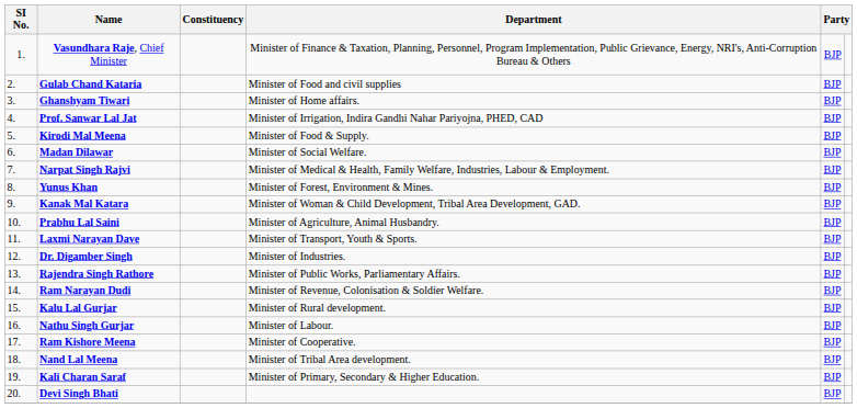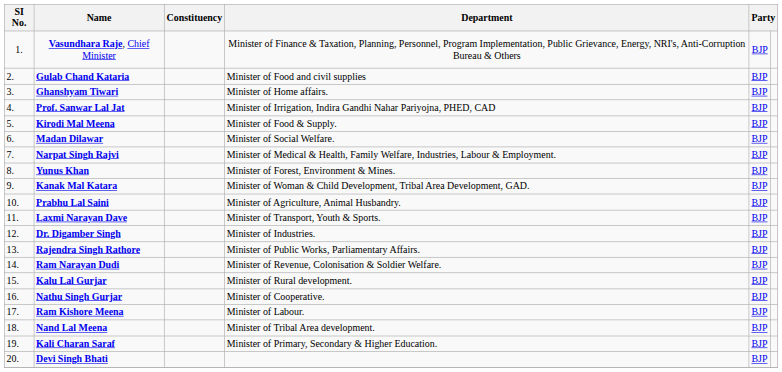 <table class ="wikitable">
 <tr>
 <th>SI No.</th>
 <th>Name</th>
 <th>Constituency</th>
 <th>Department</th>
 <th colspan="2" scope="col">Party</th>
 </tr>
 <tr style="text-align:center; height:60px;">
 <td>1.</td>
 <td><strong><a href='#'>Vasundhara Raje</a></strong>, <a href='#'>Chief Minister</a></td>
 <td></td>
 <td>Minister of Finance & Taxation, Planning, Personnel, Program Implementation, Public Grievance, Energy, NRI's, Anti-Corruption Bureau & Others</td>
 <td><a href='#'>BJP</a></td>
 <td width="4px" style="background-color: "></td>
 </tr>
 <tr>
 <td>2.</td>
 <td><strong><a href='#'>Gulab Chand Kataria</a></strong></td>
 <td></td>
 <td>Minister of Food and civil supplies</td>
 <td><a href='#'>BJP</a></td>
 <td width="4px" style="background-color: "></td>
 </tr>
 <tr>
 <td>3.</td>
 <td><strong><a href='#'>Ghanshyam Tiwari</a></strong></td>
 <td></td>
 <td>Minister of Home affairs.</td>
 <td><a href='#'>BJP</a></td>
 <td width="4px" style="background-color: "></td>
 </tr>
 <tr>
 <td>4.</td>
 <td><strong><a href='#'>Prof. Sanwar Lal Jat</a></strong></td>
 <td></td>
 <td>Minister of Irrigation, Indira Gandhi Nahar Pariyojna, PHED, CAD</td>
 <td><a href='#'>BJP</a></td>
 <td width="4px" style="background-color: "></td>
 </tr>
 <tr>
 <td>5.</td>
 <td><strong><a href='#'>Kirodi Mal Meena</a></strong></td>
 <td></td>
 <td>Minister of Food & Supply.</td>
 <td><a href='#'>BJP</a></td>
 <td width="4px" style="background-color: "></td>
 </tr>
 <tr>
 <td>6.</td>
 <td><strong><a href='#'>Madan Dilawar</a></strong></td>
 <td></td>
 <td>Minister of Social Welfare.</td>
 <td><a href='#'>BJP</a></td>
 <td width="4px" style="background-color: "></td>
 </tr>
 <tr>
 <td>7.</td>
 <td><strong><a href='#'>Narpat Singh Rajvi</a></strong></td>
 <td></td>
 <td>Minister of Medical & Health, Family Welfare, Industries, Labour & Employment.</td>
 <td><a href='#'>BJP</a></td>
 <td width="4px" style="background-color: "></td>
 </tr>
 <tr>
 <td>8.</td>
 <td><strong><a href='#'>Yunus Khan</a></strong></td>
 <td></td>
 <td>Minister of Forest, Environment & Mines.</td>
 <td><a href='#'>BJP</a></td>
 <td width="4px" style="background-color: "></td>
 </tr>
 <tr>
 <td>9.</td>
 <td><strong><a href='#'>Kanak Mal Katara</a></strong></td>
 <td></td>
 <td>Minister of Woman & Child Development, Tribal Area Development, GAD.</td>
 <td><a href='#'>BJP</a></td>
 <td width="4px" style="background-color: "></td>
 </tr>
 <tr>
 <td>10.</td>
 <td><strong><a href='#'>Prabhu Lal Saini</a></strong></td>
 <td></td>
 <td>Minister of Agriculture, Animal Husbandry.</td>
 <td><a href='#'>BJP</a></td>
 <td width="4px" style="background-color: "></td>
 </tr>
 <tr>
 <td>11.</td>
 <td><strong><a href='#'>Laxmi Narayan Dave</a></strong></td>
 <td></td>
 <td>Minister of Transport, Youth & Sports.</td>
 <td><a href='#'>BJP</a></td>
 <td width="4px" style="background-color: "></td>
 </tr>
 <tr>
 <td>12.</td>
 <td><strong><a href='#'>Dr. Digamber Singh</a> </strong></td>
 <td></td>
 <td>Minister of Industries.</td>
 <td><a href='#'>BJP</a></td>
 <td width="4px" style="background-color: "></td>
 </tr>
 <tr>
 <td>13.</td>
 <td><strong><a href='#'>Rajendra Singh Rathore</a></strong></td>
 <td></td>
 <td>Minister of Public Works, Parliamentary Affairs.</td>
 <td><a href='#'>BJP</a></td>
 <td width="4px" style="background-color: "></td>
 </tr>
 <tr>
 <td>14.</td>
 <td><strong><a href='#'>Ram Narayan Dudi</a></strong></td>
 <td></td>
 <td>Minister of Revenue, Colonisation & Soldier Welfare.</td>
 <td><a href='#'>BJP</a></td>
 <td width="4px" style="background-color: "></td>
 </tr>
 <tr>
 <td>15.</td>
 <td><strong><a href='#'>Kalu Lal Gurjar</a></strong></td>
 <td></td>
 <td>Minister of Rural development.</td>
 <td><a href='#'>BJP</a></td>
 <td width="4px" style="background-color: "></td>
 </tr>
 <tr>
 <td>16.</td>
 <td><strong><a href='#'>Nathu Singh Gurjar</a></strong></td>
 <td></td>
-<td>Minister of Labour.</td>
+<td>Minister of Cooperative.</td>
 <td><a href='#'>BJP</a></td>
 <td width="4px" style="background-color: "></td>
 </tr>
 <tr>
 <td>17.</td>
 <td><strong><a href='#'>Ram Kishore Meena</a></strong></td>
 <td></td>
-<td>Minister of Cooperative.</td>
+<td>Minister of Labour.</td>
 <td><a href='#'>BJP</a></td>
 <td width="4px" style="background-color: "></td>
 </tr>
 <tr>
 <td>18.</td>
 <td><strong><a href='#'>Nand Lal Meena</a></strong></td>
 <td></td>
 <td>Minister of Tribal Area development.</td>
 <td><a href='#'>BJP</a></td>
 <td width="4px" style="background-color: "></td>
 </tr>
 <tr>
 <td>19.</td>
 <td><strong><a href='#'>Kali Charan Saraf</a></strong></td>
 <td></td>
 <td>Minister of Primary, Secondary & Higher Education.</td>
 <td><a href='#'>BJP</a></td>
 <td width="4px" style="background-color: "></td>
 </tr>
 <tr>
 <td>20.</td>
 <td><strong><a href='#'>Devi Singh Bhati</a></strong></td>
 <td></td>
 <td></td>
 <td><a href='#'>BJP</a></td>
 <td width="4px" style="background-color: "></td>
 </tr>
 <tr>
 </tr>
 </table>
